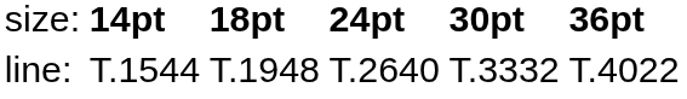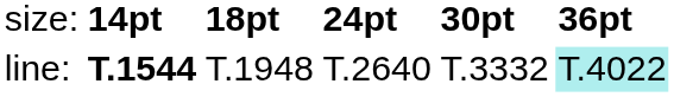 <table style="margin-left:40px;">
 <tr>
 <td>size:</td>
 <td><strong>14pt</strong></td>
 <td><strong>18pt</strong></td>
 <td><strong>24pt</strong></td>
 <td><strong>30pt</strong></td>
 <td><strong>36pt</strong></td>
 </tr>
 <tr>
 <td>line:</td>
-<td>T.1544</td>
+<td><strong>T.1544</strong></td>
 <td>T.1948</td>
 <td>T.2640</td>
 <td>T.3332</td>
-<td>T.4022</td>
+<td style="background: paleturquoise;">T.4022</td>
 </tr>
 </table>
